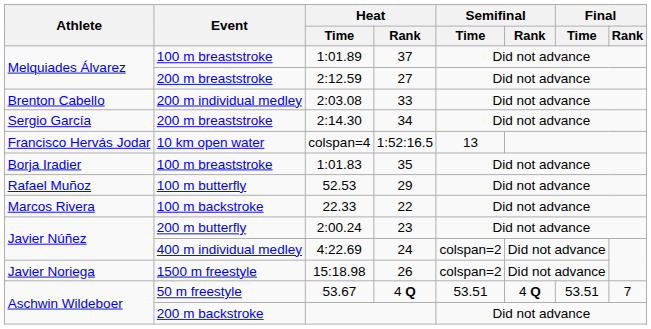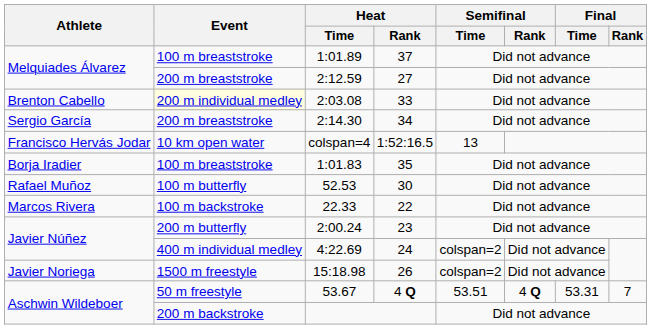 <table class=wikitable style="font-size:90%">
 <tr>
 <th rowspan="2">Athlete</th>
 <th rowspan="2">Event</th>
 <th colspan="2">Heat</th>
 <th colspan="2">Semifinal</th>
 <th colspan="2">Final</th>
 </tr>
 <tr style="font-size:95%">
 <th>Time</th>
 <th>Rank</th>
 <th>Time</th>
 <th>Rank</th>
 <th>Time</th>
 <th>Rank</th>
 </tr>
 <tr align=center>
 <td align=left rowspan=2><a href='#'>Melquiades Álvarez</a></td>
 <td align=left><a href='#'>100 m breaststroke</a></td>
 <td>1:01.89</td>
 <td>37</td>
 <td colspan=4>Did not advance</td>
 </tr>
 <tr align=center>
 <td align=left><a href='#'>200 m breaststroke</a></td>
 <td>2:12.59</td>
 <td>27</td>
 <td colspan=4>Did not advance</td>
 </tr>
 <tr align=center>
 <td align=left><a href='#'>Brenton Cabello</a></td>
-<td align=left><a href='#'>200 m individual medley</a></td>
+<td align=left style="background: lightyellow;"><a href='#'>200 m individual medley</a></td>
 <td>2:03.08</td>
 <td>33</td>
 <td colspan=4>Did not advance</td>
 </tr>
 <tr align=center>
 <td align=left><a href='#'>Sergio García</a></td>
 <td align=left><a href='#'>200 m breaststroke</a></td>
 <td>2:14.30</td>
 <td>34</td>
 <td colspan=4>Did not advance</td>
 </tr>
 <tr align=center>
 <td align=left><a href='#'>Francisco Hervás Jodar</a></td>
 <td align=left><a href='#'>10 km open water</a></td>
 <td>colspan=4 </td>
 <td>1:52:16.5</td>
 <td>13</td>
 </tr>
 <tr align=center>
 <td align=left><a href='#'>Borja Iradier</a></td>
 <td align=left><a href='#'>100 m breaststroke</a></td>
 <td>1:01.83</td>
 <td>35</td>
 <td colspan=4>Did not advance</td>
 </tr>
 <tr align=center>
 <td align=left><a href='#'>Rafael Muñoz</a></td>
 <td align=left><a href='#'>100 m butterfly</a></td>
 <td>52.53</td>
-<td>29</td>
+<td>30</td>
 <td colspan=4>Did not advance</td>
 </tr>
 <tr align=center>
 <td align=left><a href='#'>Marcos Rivera</a></td>
 <td align=left><a href='#'>100 m backstroke</a></td>
 <td>22.33</td>
 <td>22</td>
 <td colspan=4>Did not advance</td>
 </tr>
 <tr align=center>
 <td align=left rowspan=2><a href='#'>Javier Núñez</a></td>
 <td align=left><a href='#'>200 m butterfly</a></td>
 <td>2:00.24</td>
 <td>23</td>
 <td colspan=4>Did not advance</td>
 </tr>
 <tr align=center>
 <td align=left><a href='#'>400 m individual medley</a></td>
 <td>4:22.69</td>
 <td>24</td>
 <td>colspan=2 </td>
 <td colspan=2>Did not advance</td>
 </tr>
 <tr align=center>
 <td align=left><a href='#'>Javier Noriega</a></td>
 <td align=left><a href='#'>1500 m freestyle</a></td>
 <td>15:18.98</td>
 <td>26</td>
 <td>colspan=2 </td>
 <td colspan=2>Did not advance</td>
 </tr>
 <tr align=center>
 <td align=left rowspan=2><a href='#'>Aschwin Wildeboer</a></td>
 <td align=left><a href='#'>50 m freestyle</a></td>
 <td>53.67</td>
 <td>4 <strong>Q</strong></td>
 <td>53.51</td>
 <td>4 <strong>Q</strong></td>
-<td>53.51</td>
+<td>53.31</td>
 <td>7</td>
 </tr>
 <tr align=center>
 <td align=left><a href='#'>200 m backstroke</a></td>
 <td colspan=2></td>
 <td colspan=4>Did not advance</td>
 </tr>
 </table>
